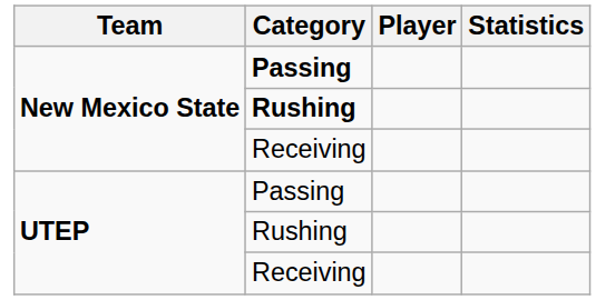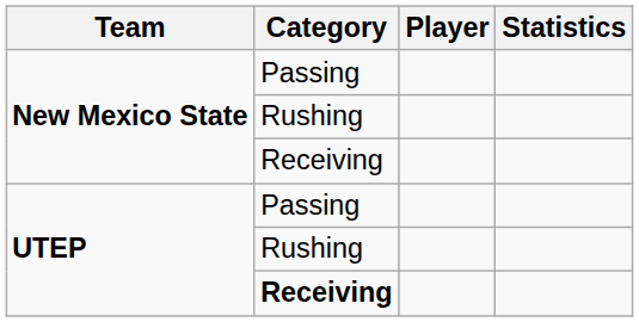 <table class="wikitable" style="float: right;">
 <tr>
 <th>Team</th>
 <th>Category</th>
 <th>Player</th>
 <th>Statistics</th>
 </tr>
 <tr>
 <td rowspan=3><strong>New Mexico State</strong></td>
-<td><strong>Passing</strong></td>
+<td>Passing</td>
 <td></td>
 <td></td>
 </tr>
 <tr>
-<td><strong>Rushing</strong></td>
+<td>Rushing</td>
 <td></td>
 <td></td>
 </tr>
 <tr>
 <td>Receiving</td>
 <td></td>
 <td></td>
 </tr>
 <tr>
 <td rowspan=3><strong>UTEP</strong></td>
 <td>Passing</td>
 <td></td>
 <td></td>
 </tr>
 <tr>
 <td>Rushing</td>
 <td></td>
 <td></td>
 </tr>
 <tr>
-<td>Receiving</td>
+<td><strong>Receiving</strong></td>
 <td></td>
 <td></td>
 </tr>
 </table>
